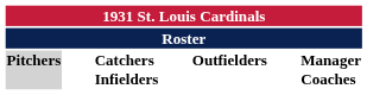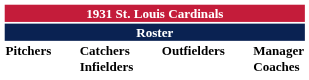 <table class="toccolours" style="font-size: 95%;">
 <tr>
 <th colspan="10" style="background-color: #c41c3a; color: white; text-align: center;">1931 St. Louis Cardinals</th>
 </tr>
 <tr>
 <td colspan="10" style="background-color: #0a2252; color: white; text-align: center;"><strong>Roster</strong></td>
 </tr>
 <tr>
-<td valign="top" style="background: lightgrey;"><strong>Pitchers</strong><br>        </td>
+<td valign="top"><strong>Pitchers</strong><br>        </td>
 <td width="25px"></td>
 <td valign="top"><strong>Catchers</strong><br>    <strong>Infielders</strong>          </td>
 <td width="25px"></td>
 <td valign="top"><strong>Outfielders</strong><br>       </td>
 <td width="25px"></td>
 <td valign="top"><strong>Manager</strong><br> <strong>Coaches</strong>  </td>
 </tr>
 </table>
